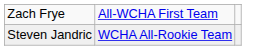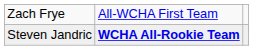 <table class="wikitable">
 <tr>
 <td>Zach Frye</td>
 <td><a href='#'>All-WCHA First Team</a></td>
 <td></td>
 </tr>
 <tr bgcolor=f0f0f0>
 <td>Steven Jandric</td>
-<td><a href='#'>WCHA All-Rookie Team</a></td>
+<td><strong><a href='#'>WCHA All-Rookie Team</a></strong></td>
 <td></td>
 </tr>
 </table>
